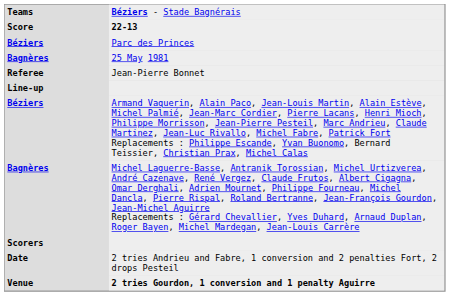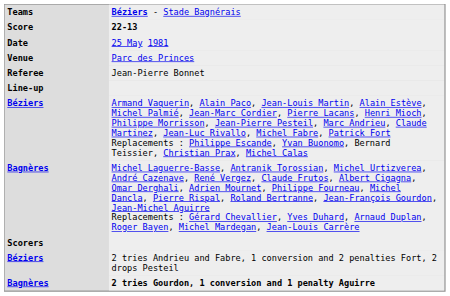 <table align="left" cellpadding="4" cellspacing="0"  style="margin: 0 0 0 0; border: 1px solid #999; border-right-width: 2px; border-bottom-width: 2px; background-color: #DDDDDD">
 <tr>
 <td width="150" valign="top"><strong>Teams</strong></td>
 <td width="500" bgcolor=#EEEEEE><strong><a href='#'>Béziers</a> </strong> - <a href='#'>Stade Bagnérais</a></td>
 </tr>
 <tr>
 <td valign="top"><strong>Score</strong></td>
 <td bgcolor=#EEEEEE><strong>22-13</strong></td>
 </tr>
 <tr>
-<td valign="top"><strong> <a href='#'>Béziers</a> </strong></td>
-<td bgcolor=#EEEEEE><a href='#'>Parc des Princes</a></td>
+<td valign="top"><strong>Date</strong></td>
+<td bgcolor=#EEEEEE><a href='#'>25 May</a> <a href='#'>1981</a></td>
 </tr>
 <tr>
-<td valign="top"><strong><a href='#'>Bagnères</a></strong></td>
-<td bgcolor=#EEEEEE><a href='#'>25 May</a> <a href='#'>1981</a></td>
+<td valign="top"><strong>Venue</strong></td>
+<td bgcolor=#EEEEEE><a href='#'>Parc des Princes</a></td>
 </tr>
 <tr>
 <td valign="top"><strong>Referee</strong></td>
 <td bgcolor=#EEEEEE>Jean-Pierre Bonnet</td>
 </tr>
 <tr>
 <td valign="top"><strong>Line-up</strong></td>
 <td bgcolor=#EEEEEE></td>
 </tr>
 <tr>
 <td valign="top"><strong> <a href='#'>Béziers</a> </strong></td>
 <td bgcolor=#EEEEEE><a href='#'>Armand Vaquerin</a>, <a href='#'>Alain Paco</a>, <a href='#'>Jean-Louis Martin</a>, <a href='#'>Alain Estève</a>, <a href='#'>Michel Palmié</a>, <a href='#'>Jean-Marc Cordier</a>, <a href='#'>Pierre Lacans</a>, <a href='#'>Henri Mioch</a>, <a href='#'>Philippe Morrisson</a>, <a href='#'>Jean-Pierre Pesteil</a>, <a href='#'>Marc Andrieu</a>, <a href='#'>Claude Martinez</a>, <a href='#'>Jean-Luc Rivallo</a>, <a href='#'>Michel Fabre</a>, <a href='#'>Patrick Fort</a> <br>Replacements : <a href='#'>Philippe Escande</a>, <a href='#'>Yvan Buonomo</a>, Bernard Teissier, <a href='#'>Christian Prax</a>, <a href='#'>Michel Calas</a></td>
 </tr>
 <tr>
 <td valign="top"><strong><a href='#'>Bagnères</a> </strong></td>
 <td bgcolor=#EEEEEE><a href='#'>Michel Laguerre-Basse</a>, <a href='#'>Antranik Torossian</a>, <a href='#'>Michel Urtizverea</a>, <a href='#'>André Cazenave</a>, <a href='#'>René Vergez</a>, <a href='#'>Claude Frutos</a>, <a href='#'>Albert Cigagna</a>, <a href='#'>Omar Derghali</a>, <a href='#'>Adrien Mournet</a>, <a href='#'>Philippe Fourneau</a>, <a href='#'>Michel Dancla</a>, <a href='#'>Pierre Rispal</a>, <a href='#'>Roland Bertranne</a>, <a href='#'>Jean-François Gourdon</a>, <a href='#'>Jean-Michel Aguirre</a><br>Replacements : <a href='#'>Gérard Chevallier</a>, <a href='#'>Yves Duhard</a>, <a href='#'>Arnaud Duplan</a>, <a href='#'>Roger Bayen</a>, <a href='#'>Michel Mardegan</a>, <a href='#'>Jean-Louis Carrère</a></td>
 </tr>
 <tr>
 <td valign="top"><strong>Scorers</strong></td>
 <td bgcolor=#EEEEEE></td>
 </tr>
 <tr>
-<td valign="top"><strong>Date</strong></td>
+<td valign="top"><strong> <a href='#'>Béziers</a> </strong></td>
 <td bgcolor=#EEEEEE>2 tries Andrieu and Fabre, 1 conversion and 2 penalties Fort, 2 drops Pesteil</td>
 </tr>
 <tr>
-<td valign="top"><strong>Venue</strong></td>
+<td valign="top"><strong><a href='#'>Bagnères</a></strong></td>
 <td bgcolor=#EEEEEE><strong>2 tries Gourdon, 1 conversion and 1 penalty Aguirre</strong></td>
 </tr>
 </table>
